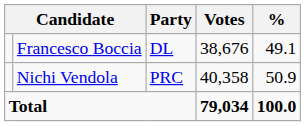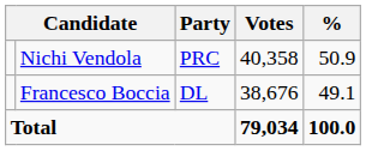 <table class="wikitable" style="font-size:95%">
 <tr bgcolor="EFEFEF">
 <th colspan=2>Candidate</th>
 <th>Party</th>
 <th>Votes</th>
 <th>%</th>
 </tr>
 <tr>
 <td></td>
+<td><a href='#'>Nichi Vendola</a></td>
+<td><a href='#'>PRC</a></td>
+<td align=right>40,358</td>
+<td align=right>50.9</td>
+</tr>
+<tr>
+<td></td>
 <td><a href='#'>Francesco Boccia</a></td>
 <td><a href='#'>DL</a></td>
 <td align=right>38,676</td>
 <td align=right>49.1</td>
-</tr>
-<tr>
-<td></td>
-<td><a href='#'>Nichi Vendola</a></td>
-<td><a href='#'>PRC</a></td>
-<td align=right>40,358</td>
-<td align=right>50.9</td>
 </tr>
 <tr>
 <td colspan=3><strong>Total</strong></td>
 <td align=right><strong>79,034</strong></td>
 <td align=right><strong>100.0</strong></td>
 </tr>
 </table>
